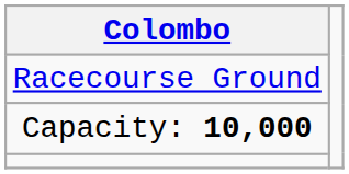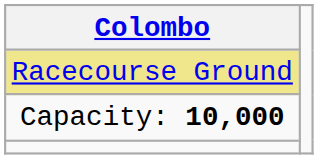 <table class="wikitable" style="text-align:center; margin:0.2em auto;">
 <tr>
 <th><a href='#'>Colombo</a></th>
 <td rowspan="4"></td>
 </tr>
 <tr>
-<td><a href='#'>Racecourse Ground</a></td>
+<td style="background: khaki;"><a href='#'>Racecourse Ground</a></td>
 </tr>
 <tr>
 <td>Capacity: <strong>10,000</strong></td>
 </tr>
 <tr>
 <td></td>
 </tr>
 </table>
